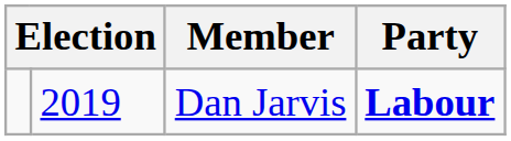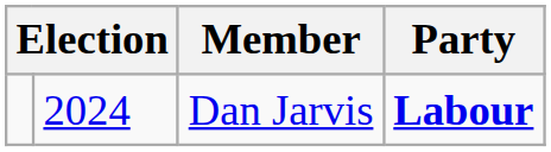 <table class="wikitable">
 <tr>
 <th colspan="2">Election</th>
 <th>Member</th>
 <th>Party</th>
 </tr>
 <tr>
 <td style="color:inherit;background-color: "></td>
-<td><a href='#'>2019</a></td>
+<td><a href='#'>2024</a></td>
 <td><a href='#'>Dan Jarvis</a></td>
 <td><strong><a href='#'>Labour</a></strong></td>
 </tr>
 </table>
